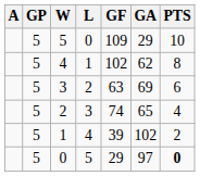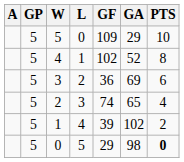 <table class="wikitable" style="text-align:center">
 <tr>
 <th>A</th>
 <th>GP</th>
 <th width=20>W</th>
 <th width=20>L</th>
 <th>GF</th>
 <th>GA</th>
 <th>PTS</th>
 </tr>
 <tr>
 <td align="left"></td>
 <td>5</td>
 <td>5</td>
 <td>0</td>
 <td>109</td>
 <td>29</td>
 <td>10</td>
 </tr>
 <tr>
 <td align="left"></td>
 <td>5</td>
 <td>4</td>
 <td>1</td>
 <td>102</td>
-<td>62</td>
+<td>52</td>
 <td>8</td>
 </tr>
 <tr>
 <td align="left"></td>
 <td>5</td>
 <td>3</td>
 <td>2</td>
-<td>63</td>
+<td>36</td>
 <td>69</td>
 <td>6</td>
 </tr>
 <tr>
 <td align="left"></td>
 <td>5</td>
 <td>2</td>
 <td>3</td>
 <td>74</td>
 <td>65</td>
 <td>4</td>
 </tr>
 <tr>
 <td align="left"></td>
 <td>5</td>
 <td>1</td>
 <td>4</td>
 <td>39</td>
 <td>102</td>
 <td>2</td>
 </tr>
 <tr>
 <td align="left"></td>
 <td>5</td>
 <td>0</td>
 <td>5</td>
 <td>29</td>
-<td>97</td>
+<td>98</td>
 <td><strong>0</strong></td>
 </tr>
 </table>
